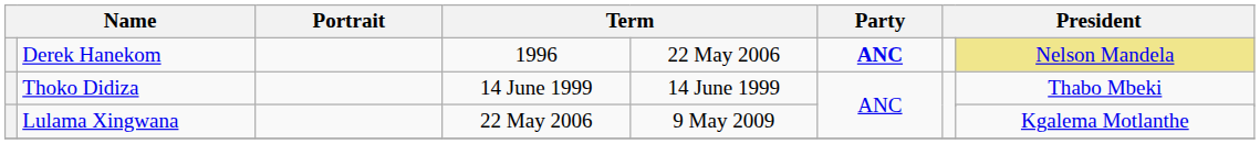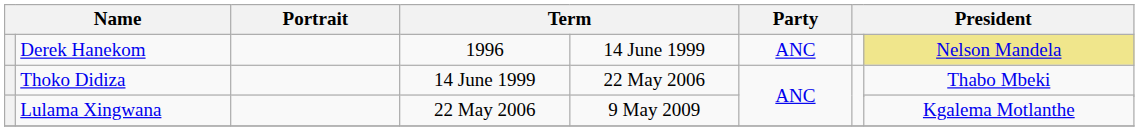 <table class="wikitable" width=60%>
 <tr>
 <th colspan=2 width=20%>Name</th>
 <th width=75>Portrait</th>
 <th colspan=2 width=30%>Term</th>
 <th width=10%>Party</th>
 <th colspan=2 width=25%>President</th>
 </tr>
 <tr style="text-align:center">
 <th style="width:1%;background-color: "></th>
 <td align=left><a href='#'>Derek Hanekom</a></td>
 <td></td>
 <td>1996</td>
-<td>22 May 2006</td>
-<td><strong><a href='#'>ANC</a></strong></td>
+<td>14 June 1999</td>
+<td><a href='#'>ANC</a></td>
 <td style="width:1%;background-color: "></td>
 <td style="background: khaki;"><a href='#'>Nelson Mandela</a><br> </td>
 </tr>
 <tr style="text-align:center">
 <th style="width:1%;background-color: "></th>
 <td align=left><a href='#'>Thoko Didiza</a></td>
 <td></td>
 <td>14 June 1999</td>
-<td>14 June 1999</td>
+<td>22 May 2006</td>
 <td rowspan=3><a href='#'>ANC</a></td>
 <td rowspan=3 style="width:1%;background-color: "></td>
 <td rowspan=2><a href='#'>Thabo Mbeki</a><br> </td>
 </tr>
 <tr style="text-align:center">
 <th rowspan=2 style="width:1%;background-color: "></th>
 <td rowspan=2 align=left><a href='#'>Lulama Xingwana</a></td>
 <td rowspan=2></td>
 <td rowspan=2>22 May 2006</td>
 <td rowspan=2>9 May 2009</td>
 </tr>
 <tr style="text-align:center">
 <td><a href='#'>Kgalema Motlanthe</a><br> </td>
 </tr>
 <tr>
 </tr>
 </table>
